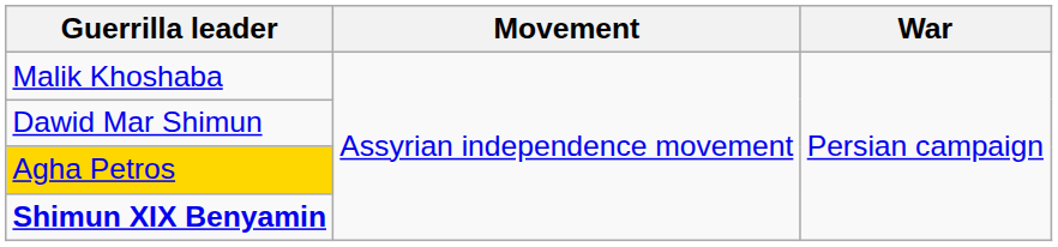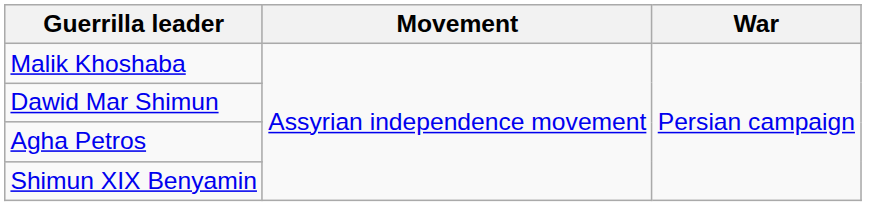 <table class="wikitable">
 <tr>
 <th>Guerrilla leader</th>
 <th>Movement</th>
 <th>War</th>
 </tr>
 <tr>
 <td><a href='#'>Malik Khoshaba</a></td>
 <td rowspan="4"><a href='#'>Assyrian independence movement</a></td>
 <td rowspan="4"><a href='#'>Persian campaign</a></td>
 </tr>
 <tr>
 <td><a href='#'>Dawid Mar Shimun</a></td>
 </tr>
 <tr>
-<td style="background: gold;"><a href='#'>Agha Petros</a></td>
+<td><a href='#'>Agha Petros</a></td>
 </tr>
 <tr>
-<td><strong><a href='#'>Shimun XIX Benyamin</a></strong></td>
+<td><a href='#'>Shimun XIX Benyamin</a></td>
 </tr>
 </table>
